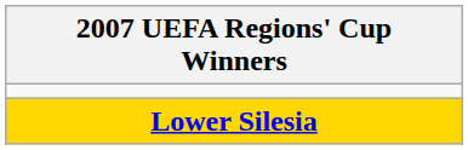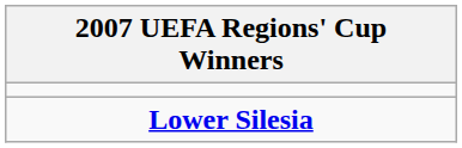 <table class="wikitable" style="text-align: center; margin: 0 auto; width: 20%">
 <tr>
 <th>2007 UEFA Regions' Cup<br>Winners</th>
 </tr>
 <tr>
 <td> </td>
 </tr>
 <tr>
-<td style="background: gold;"><strong><a href='#'>Lower Silesia</a></strong></td>
+<td><strong><a href='#'>Lower Silesia</a></strong></td>
 </tr>
 </table>
